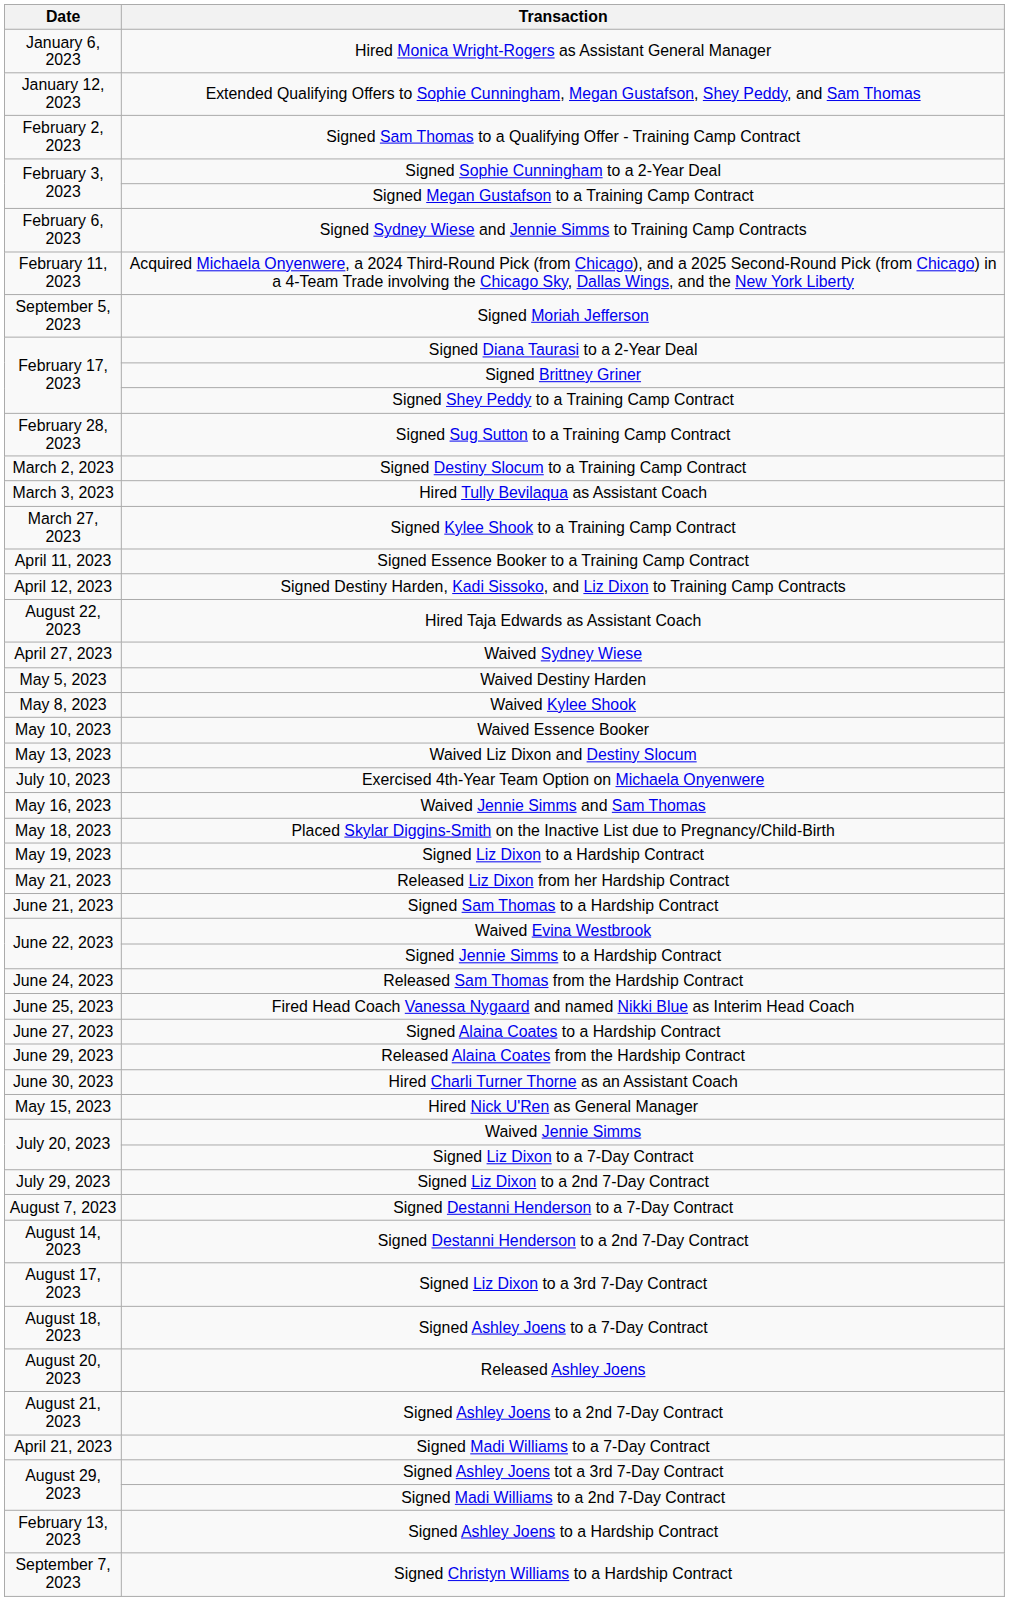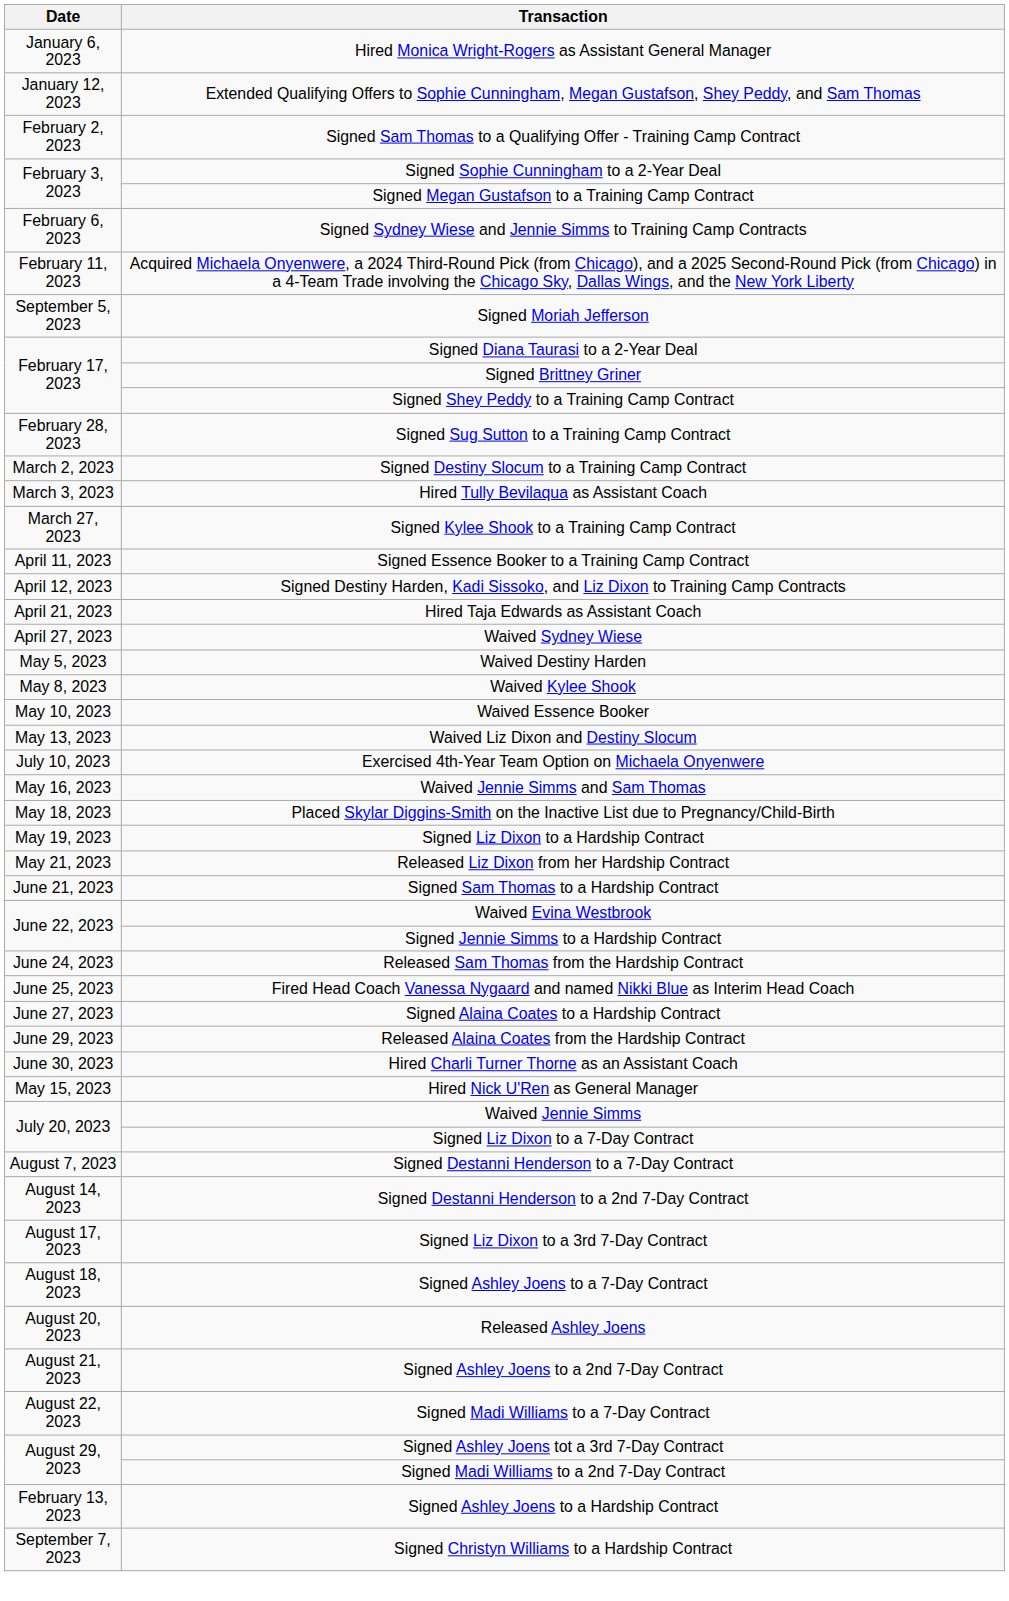 <table class="wikitable" style="width:80%; text-align: center;">
 <tr>
 <th>Date</th>
 <th>Transaction</th>
 </tr>
 <tr>
 <td>January 6, 2023</td>
 <td>Hired <a href='#'>Monica Wright-Rogers</a> as Assistant General Manager</td>
 </tr>
 <tr>
 <td>January 12, 2023</td>
 <td>Extended Qualifying Offers to <a href='#'>Sophie Cunningham</a>, <a href='#'>Megan Gustafson</a>, <a href='#'>Shey Peddy</a>, and <a href='#'>Sam Thomas</a></td>
 </tr>
 <tr>
 <td>February 2, 2023</td>
 <td>Signed <a href='#'>Sam Thomas</a> to a Qualifying Offer - Training Camp Contract</td>
 </tr>
 <tr>
 <td rowspan=2>February 3, 2023</td>
 <td>Signed <a href='#'>Sophie Cunningham</a> to a 2-Year Deal</td>
 </tr>
 <tr>
 <td>Signed <a href='#'>Megan Gustafson</a> to a Training Camp Contract</td>
 </tr>
 <tr>
 <td>February 6, 2023</td>
 <td>Signed <a href='#'>Sydney Wiese</a> and <a href='#'>Jennie Simms</a> to Training Camp Contracts</td>
 </tr>
 <tr>
 <td>February 11, 2023</td>
 <td>Acquired <a href='#'>Michaela Onyenwere</a>, a 2024 Third-Round Pick (from <a href='#'>Chicago</a>), and a 2025 Second-Round Pick (from <a href='#'>Chicago</a>) in a 4-Team Trade involving the <a href='#'>Chicago Sky</a>, <a href='#'>Dallas Wings</a>, and the <a href='#'>New York Liberty</a></td>
 </tr>
 <tr>
 <td>September 5, 2023</td>
 <td>Signed <a href='#'>Moriah Jefferson</a></td>
 </tr>
 <tr>
 <td rowspan=3>February 17, 2023</td>
 <td>Signed <a href='#'>Diana Taurasi</a> to a 2-Year Deal</td>
 </tr>
 <tr>
 <td>Signed <a href='#'>Brittney Griner</a></td>
 </tr>
 <tr>
 <td>Signed <a href='#'>Shey Peddy</a> to a Training Camp Contract</td>
 </tr>
 <tr>
 <td>February 28, 2023</td>
 <td>Signed <a href='#'>Sug Sutton</a> to a Training Camp Contract</td>
 </tr>
 <tr>
 <td>March 2, 2023</td>
 <td>Signed <a href='#'>Destiny Slocum</a> to a Training Camp Contract</td>
 </tr>
 <tr>
 <td>March 3, 2023</td>
 <td>Hired <a href='#'>Tully Bevilaqua</a> as Assistant Coach</td>
 </tr>
 <tr>
 <td>March 27, 2023</td>
 <td>Signed <a href='#'>Kylee Shook</a> to a Training Camp Contract</td>
 </tr>
 <tr>
 <td>April 11, 2023</td>
 <td>Signed Essence Booker to a Training Camp Contract</td>
 </tr>
 <tr>
 <td>April 12, 2023</td>
 <td>Signed Destiny Harden, <a href='#'>Kadi Sissoko</a>, and <a href='#'>Liz Dixon</a> to Training Camp Contracts</td>
 </tr>
 <tr>
-<td>August 22, 2023</td>
+<td>April 21, 2023</td>
 <td>Hired Taja Edwards as Assistant Coach</td>
 </tr>
 <tr>
 <td>April 27, 2023</td>
 <td>Waived <a href='#'>Sydney Wiese</a></td>
 </tr>
 <tr>
 <td>May 5, 2023</td>
 <td>Waived Destiny Harden</td>
 </tr>
 <tr>
 <td>May 8, 2023</td>
 <td>Waived <a href='#'>Kylee Shook</a></td>
 </tr>
 <tr>
 <td>May 10, 2023</td>
 <td>Waived Essence Booker</td>
 </tr>
 <tr>
 <td>May 13, 2023</td>
 <td>Waived Liz Dixon and <a href='#'>Destiny Slocum</a></td>
 </tr>
 <tr>
 <td>July 10, 2023</td>
 <td>Exercised 4th-Year Team Option on <a href='#'>Michaela Onyenwere</a></td>
 </tr>
 <tr>
 <td>May 16, 2023</td>
 <td>Waived <a href='#'>Jennie Simms</a> and <a href='#'>Sam Thomas</a></td>
 </tr>
 <tr>
 <td>May 18, 2023</td>
 <td>Placed <a href='#'>Skylar Diggins-Smith</a> on the Inactive List due to Pregnancy/Child-Birth</td>
 </tr>
 <tr>
 <td>May 19, 2023</td>
 <td>Signed <a href='#'>Liz Dixon</a> to a Hardship Contract</td>
 </tr>
 <tr>
 <td>May 21, 2023</td>
 <td>Released <a href='#'>Liz Dixon</a> from her Hardship Contract</td>
 </tr>
 <tr>
 <td>June 21, 2023</td>
 <td>Signed <a href='#'>Sam Thomas</a> to a Hardship Contract</td>
 </tr>
 <tr>
 <td rowspan=2>June 22, 2023</td>
 <td>Waived <a href='#'>Evina Westbrook</a></td>
 </tr>
 <tr>
 <td>Signed <a href='#'>Jennie Simms</a> to a Hardship Contract</td>
 </tr>
 <tr>
 <td>June 24, 2023</td>
 <td>Released <a href='#'>Sam Thomas</a> from the Hardship Contract</td>
 </tr>
 <tr>
 <td>June 25, 2023</td>
 <td>Fired Head Coach <a href='#'>Vanessa Nygaard</a> and named <a href='#'>Nikki Blue</a> as Interim Head Coach</td>
 </tr>
 <tr>
 <td>June 27, 2023</td>
 <td>Signed <a href='#'>Alaina Coates</a> to a Hardship Contract</td>
 </tr>
 <tr>
 <td>June 29, 2023</td>
 <td>Released <a href='#'>Alaina Coates</a> from the Hardship Contract</td>
 </tr>
 <tr>
 <td>June 30, 2023</td>
 <td>Hired <a href='#'>Charli Turner Thorne</a> as an Assistant Coach</td>
 </tr>
 <tr>
 <td>May 15, 2023</td>
 <td>Hired <a href='#'>Nick U'Ren</a> as General Manager</td>
 </tr>
 <tr>
 <td rowspan=2>July 20, 2023</td>
 <td>Waived <a href='#'>Jennie Simms</a></td>
 </tr>
 <tr>
 <td>Signed <a href='#'>Liz Dixon</a> to a 7-Day Contract</td>
 </tr>
 <tr>
-<td>July 29, 2023</td>
-<td>Signed <a href='#'>Liz Dixon</a> to a 2nd 7-Day Contract</td>
-</tr>
-<tr>
 <td>August 7, 2023</td>
 <td>Signed <a href='#'>Destanni Henderson</a> to a 7-Day Contract</td>
 </tr>
 <tr>
 <td>August 14, 2023</td>
 <td>Signed <a href='#'>Destanni Henderson</a> to a 2nd 7-Day Contract</td>
 </tr>
 <tr>
 <td>August 17, 2023</td>
 <td>Signed <a href='#'>Liz Dixon</a> to a 3rd 7-Day Contract</td>
 </tr>
 <tr>
 <td>August 18, 2023</td>
 <td>Signed <a href='#'>Ashley Joens</a> to a 7-Day Contract</td>
 </tr>
 <tr>
 <td>August 20, 2023</td>
 <td>Released <a href='#'>Ashley Joens</a></td>
 </tr>
 <tr>
 <td>August 21, 2023</td>
 <td>Signed <a href='#'>Ashley Joens</a> to a 2nd 7-Day Contract</td>
 </tr>
 <tr>
-<td>April 21, 2023</td>
+<td>August 22, 2023</td>
 <td>Signed <a href='#'>Madi Williams</a> to a 7-Day Contract</td>
 </tr>
 <tr>
 <td rowspan=2>August 29, 2023</td>
 <td>Signed <a href='#'>Ashley Joens</a> tot a 3rd 7-Day Contract</td>
 </tr>
 <tr>
 <td>Signed <a href='#'>Madi Williams</a> to a 2nd 7-Day Contract</td>
 </tr>
 <tr>
 <td>February 13, 2023</td>
 <td>Signed <a href='#'>Ashley Joens</a> to a Hardship Contract</td>
 </tr>
 <tr>
 <td>September 7, 2023</td>
 <td>Signed <a href='#'>Christyn Williams</a> to a Hardship Contract</td>
 </tr>
 </table>
